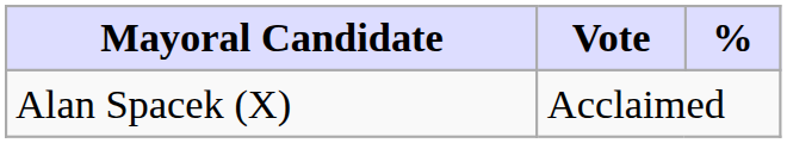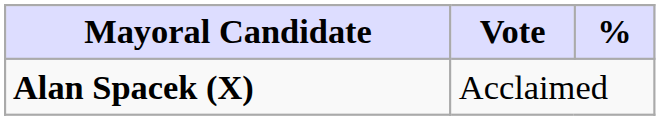 <table class="wikitable">
 <tr>
 <th style="background:#ddf; width:200px;">Mayoral Candidate</th>
 <th style="background:#ddf; width:50px;">Vote</th>
 <th style="background:#ddf; width:30px;">%</th>
 </tr>
 <tr>
-<td>Alan Spacek (X)</td>
+<td><strong>Alan Spacek (X)</strong></td>
 <td colspan="2">Acclaimed</td>
 </tr>
 </table>
